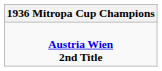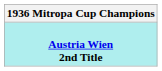 <table class=wikitable style="text-align:center; margin:auto">
 <tr>
 <th>1936 Mitropa Cup Champions</th>
 </tr>
 <tr>
-<td> <br> <strong><a href='#'>Austria Wien</a></strong> <br> <strong>2nd Title</strong></td>
+<td style="background: paleturquoise;"> <br> <strong><a href='#'>Austria Wien</a></strong> <br> <strong>2nd Title</strong></td>
 </tr>
 </table>
